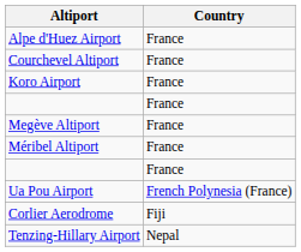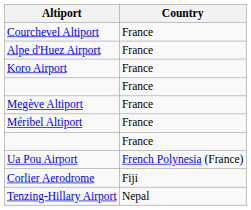 <table class="wikitable sortable">
 <tr>
 <th>Altiport</th>
 <th>Country</th>
 </tr>
 <tr>
-<td><a href='#'>Alpe d'Huez Airport</a></td>
+<td><a href='#'>Courchevel Altiport</a></td>
 <td>France</td>
 </tr>
 <tr>
-<td><a href='#'>Courchevel Altiport</a></td>
+<td><a href='#'>Alpe d'Huez Airport</a></td>
 <td>France</td>
 </tr>
 <tr>
 <td><a href='#'>Koro Airport</a></td>
 <td>France</td>
 </tr>
 <tr>
 <td></td>
 <td>France</td>
 </tr>
 <tr>
 <td><a href='#'>Megève Altiport</a></td>
 <td>France</td>
 </tr>
 <tr>
 <td><a href='#'>Méribel Altiport</a></td>
 <td>France</td>
 </tr>
 <tr>
 <td></td>
 <td>France</td>
 </tr>
 <tr>
 <td><a href='#'>Ua Pou Airport</a></td>
 <td><a href='#'>French Polynesia</a> (France)</td>
 </tr>
 <tr>
 <td><a href='#'>Corlier Aerodrome</a></td>
 <td>Fiji</td>
 </tr>
 <tr>
 <td><a href='#'>Tenzing-Hillary Airport</a></td>
 <td>Nepal</td>
 </tr>
 </table>
